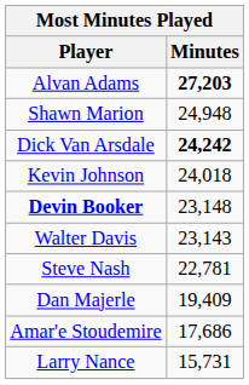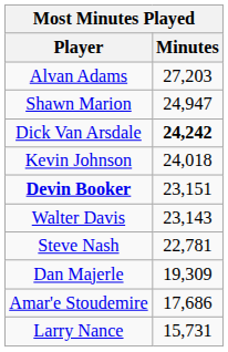 <table class="wikitable sortable" style="text-align:center">
 <tr>
 <th colspan="5">Most Minutes Played</th>
 </tr>
 <tr>
 <th>Player</th>
 <th>Minutes</th>
 </tr>
 <tr>
 <td><a href='#'>Alvan Adams</a></td>
-<td><strong>27,203</strong></td>
+<td>27,203</td>
 </tr>
 <tr>
 <td><a href='#'>Shawn Marion</a></td>
-<td>24,948</td>
+<td>24,947</td>
 </tr>
 <tr>
 <td><a href='#'>Dick Van Arsdale</a></td>
 <td><strong>24,242</strong></td>
 </tr>
 <tr>
 <td><a href='#'>Kevin Johnson</a></td>
 <td>24,018</td>
 </tr>
 <tr>
 <td><strong><a href='#'>Devin Booker</a></strong></td>
-<td>23,148</td>
+<td>23,151</td>
 </tr>
 <tr>
 <td><a href='#'>Walter Davis</a></td>
 <td>23,143</td>
 </tr>
 <tr>
 <td><a href='#'>Steve Nash</a></td>
 <td>22,781</td>
 </tr>
 <tr>
 <td><a href='#'>Dan Majerle</a></td>
-<td>19,409</td>
+<td>19,309</td>
 </tr>
 <tr>
 <td><a href='#'>Amar'e Stoudemire</a></td>
 <td>17,686</td>
 </tr>
 <tr>
 <td><a href='#'>Larry Nance</a></td>
 <td>15,731</td>
 </tr>
 </table>
